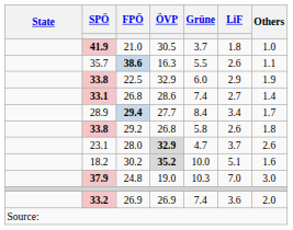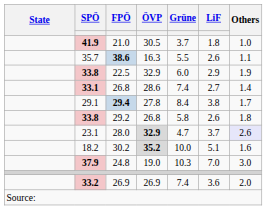 <table class="wikitable sortable" style="text-align:center;font-size:90%;line-height:16px">
 <tr style="height:40px;">
 <th style="width:100px;" rowspan="2"><a href='#'>State</a></th>
 <th style="width:40px;"><a href='#'>SPÖ</a></th>
 <th style="width:40px;"><a href='#'>FPÖ</a></th>
 <th style="width:40px;"><a href='#'>ÖVP</a></th>
 <th style="width:40px;"><a href='#'>Grüne</a></th>
 <th style="width:40px;"><a href='#'>LiF</a></th>
 <th class="unsortable" style="width:40px;" rowspan="2">Others</th>
 </tr>
 <tr>
 <th style="background:"></th>
 <th style="background:"></th>
 <th style="background:"></th>
 <th style="background:"></th>
 <th style="background:"></th>
 </tr>
 <tr>
 <td align=left></td>
 <td bgcolor=#F4C6C9><strong>41.9</strong></td>
 <td>21.0</td>
 <td>30.5</td>
 <td>3.7</td>
 <td>1.8</td>
 <td>1.0</td>
 </tr>
 <tr>
 <td align=left></td>
 <td>35.7</td>
 <td bgcolor=#C6D9EA><strong>38.6</strong></td>
 <td>16.3</td>
 <td>5.5</td>
 <td>2.6</td>
 <td>1.1</td>
 </tr>
 <tr>
 <td align=left></td>
 <td bgcolor=#F4C6C9><strong>33.8</strong></td>
 <td>22.5</td>
 <td>32.9</td>
 <td>6.0</td>
 <td>2.9</td>
 <td>1.9</td>
 </tr>
 <tr>
 <td align=left></td>
 <td bgcolor=#F4C6C9><strong>33.1</strong></td>
 <td>26.8</td>
 <td>28.6</td>
 <td>7.4</td>
 <td>2.7</td>
 <td>1.4</td>
 </tr>
 <tr>
 <td align=left></td>
-<td>28.9</td>
+<td>29.1</td>
 <td bgcolor=#C6D9EA><strong>29.4</strong></td>
-<td>27.7</td>
+<td>27.8</td>
 <td>8.4</td>
-<td>3.4</td>
+<td>3.8</td>
 <td>1.7</td>
 </tr>
 <tr>
 <td align=left></td>
 <td bgcolor=#F4C6C9><strong>33.8</strong></td>
 <td>29.2</td>
 <td>26.8</td>
 <td>5.8</td>
 <td>2.6</td>
 <td>1.8</td>
 </tr>
 <tr>
 <td align=left></td>
 <td>23.1</td>
 <td>28.0</td>
 <td bgcolor=#D9D9D9><strong>32.9</strong></td>
 <td>4.7</td>
 <td>3.7</td>
-<td>2.6</td>
+<td style="background: lavender;">2.6</td>
 </tr>
 <tr>
 <td align=left></td>
 <td>18.2</td>
 <td>30.2</td>
 <td bgcolor=#D9D9D9><strong>35.2</strong></td>
 <td>10.0</td>
 <td>5.1</td>
 <td>1.6</td>
 </tr>
 <tr>
 <td align=left></td>
 <td bgcolor=#F4C6C9><strong>37.9</strong></td>
 <td>24.8</td>
 <td>19.0</td>
 <td>10.3</td>
 <td>7.0</td>
 <td>3.0</td>
 </tr>
 <tr>
 <td colspan=10 bgcolor=lightgrey></td>
 </tr>
 <tr>
 <td align=left></td>
 <td bgcolor=#F4C6C9><strong>33.2</strong></td>
 <td>26.9</td>
 <td>26.9</td>
 <td>7.4</td>
 <td>3.6</td>
 <td>2.0</td>
 </tr>
 <tr class=sortbottom>
 <td colspan=10 align=left>Source: </td>
 </tr>
 </table>
